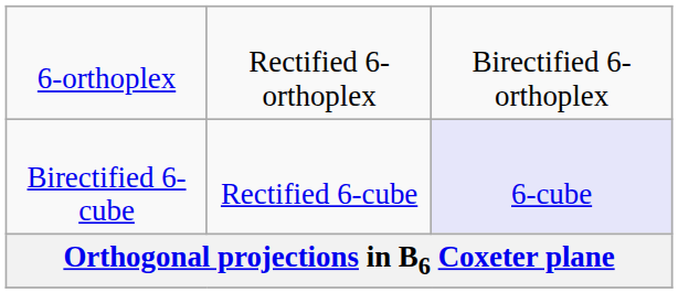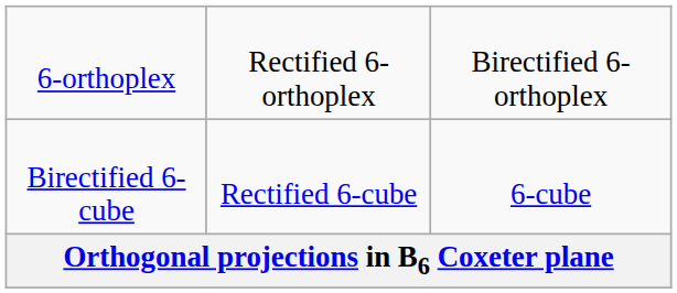 <table class=wikitable align=right width=360 style="margin-left:1em;">
 <tr align=center>
 <td><br><a href='#'>6-orthoplex</a><br></td>
 <td><br>Rectified 6-orthoplex<br></td>
 <td><br>Birectified 6-orthoplex<br></td>
 </tr>
 <tr align=center>
 <td><br><a href='#'>Birectified 6-cube</a><br></td>
 <td><br><a href='#'>Rectified 6-cube</a><br></td>
-<td style="background: lavender;"><br><a href='#'>6-cube</a><br></td>
+<td><br><a href='#'>6-cube</a><br></td>
 </tr>
 <tr>
 <th colspan=4><a href='#'>Orthogonal projections</a> in B<sub>6</sub> <a href='#'>Coxeter plane</a></th>
 </tr>
 </table>
